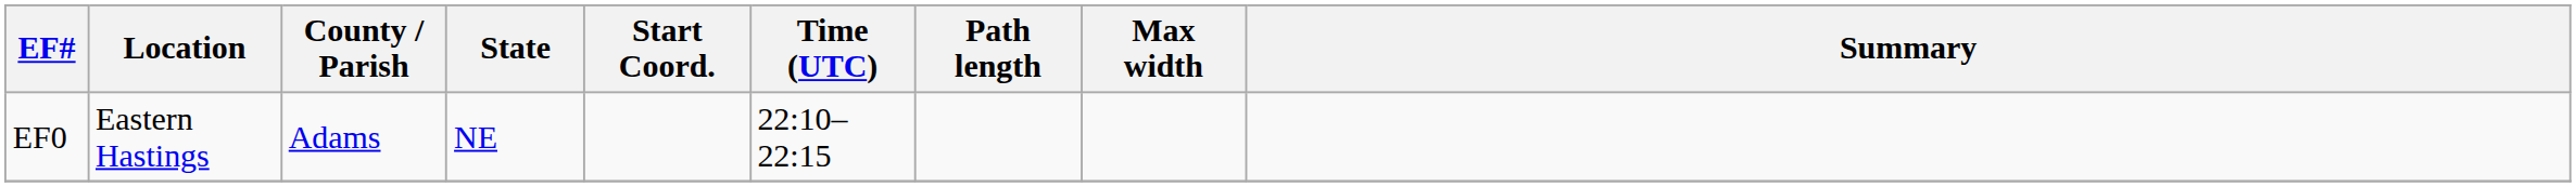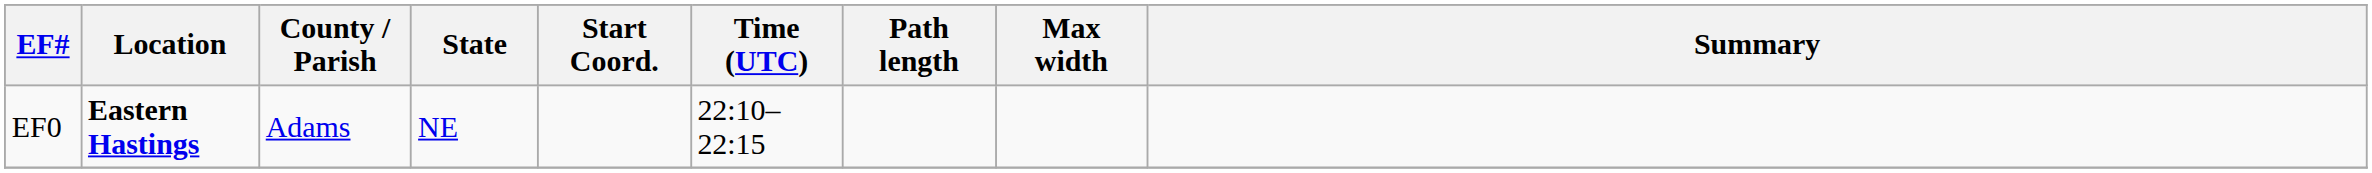 <table class="wikitable sortable" style="width:100%;">
 <tr>
 <th scope="col"  style="width:3%; text-align:center;"><a href='#'>EF#</a></th>
 <th scope="col"  style="width:7%; text-align:center;" class="unsortable">Location</th>
 <th scope="col"  style="width:6%; text-align:center;" class="unsortable">County / Parish</th>
 <th scope="col"  style="width:5%; text-align:center;">State</th>
 <th scope="col"  style="width:6%; text-align:center;">Start Coord.</th>
 <th scope="col"  style="width:6%; text-align:center;">Time (<a href='#'>UTC</a>)</th>
 <th scope="col"  style="width:6%; text-align:center;">Path length</th>
 <th scope="col"  style="width:6%; text-align:center;">Max width</th>
 <th scope="col" class="unsortable" style="width:48%; text-align:center;">Summary</th>
 </tr>
 <tr>
 <td>EF0</td>
-<td>Eastern <a href='#'>Hastings</a></td>
+<td><strong>Eastern <a href='#'>Hastings</a></strong></td>
 <td><a href='#'>Adams</a></td>
 <td><a href='#'>NE</a></td>
 <td></td>
 <td>22:10–22:15</td>
 <td></td>
 <td></td>
 <td></td>
 </tr>
 <tr>
 </tr>
 </table>
